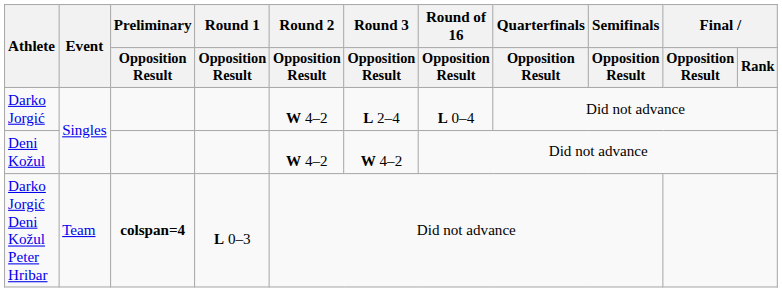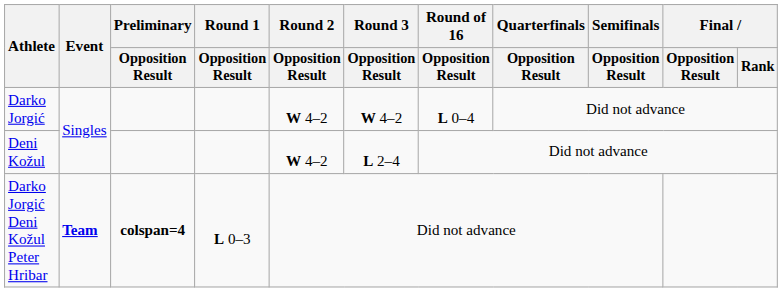 <table class=wikitable style=font-size:90%;text-align:center>
 <tr>
 <th rowspan=2>Athlete</th>
 <th rowspan=2>Event</th>
 <th>Preliminary</th>
 <th>Round 1</th>
 <th>Round 2</th>
 <th>Round 3</th>
 <th>Round of 16</th>
 <th>Quarterfinals</th>
 <th>Semifinals</th>
 <th colspan=2>Final / </th>
 </tr>
 <tr style=font-size:95%>
 <th>Opposition<br>Result</th>
 <th>Opposition<br>Result</th>
 <th>Opposition<br>Result</th>
 <th>Opposition<br>Result</th>
 <th>Opposition<br>Result</th>
 <th>Opposition<br>Result</th>
 <th>Opposition<br>Result</th>
 <th>Opposition<br>Result</th>
 <th>Rank</th>
 </tr>
 <tr>
 <td align=left><a href='#'>Darko Jorgić</a></td>
 <td align=left rowspan=2><a href='#'>Singles</a></td>
 <td></td>
 <td></td>
 <td><br><strong>W</strong> 4–2</td>
-<td><br><strong>L</strong> 2–4</td>
+<td><br><strong>W</strong> 4–2</td>
 <td><br><strong>L</strong> 0–4</td>
 <td colspan=4>Did not advance</td>
 </tr>
 <tr align=center>
 <td align=left><a href='#'>Deni Kožul</a></td>
 <td></td>
 <td></td>
 <td><br><strong>W</strong> 4–2</td>
-<td><br><strong>W</strong> 4–2</td>
+<td><br><strong>L</strong> 2–4</td>
 <td colspan=5>Did not advance</td>
 </tr>
 <tr>
 <td align=left><a href='#'>Darko Jorgić</a><br><a href='#'>Deni Kožul</a><br><a href='#'>Peter Hribar</a></td>
-<td align=left><a href='#'>Team</a></td>
+<td align=left><strong><a href='#'>Team</a></strong></td>
 <td><strong>colspan=4 </strong></td>
 <td><br><strong>L</strong> 0–3</td>
 <td colspan=5>Did not advance</td>
 </tr>
 </table>
